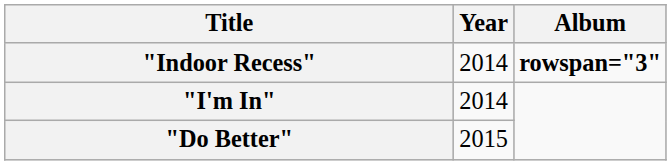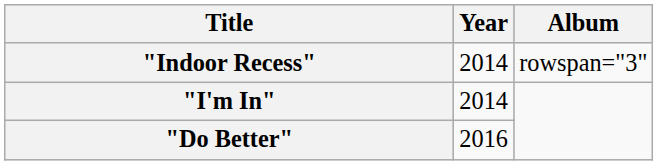 <table class="wikitable plainrowheaders" style="text-align:center;">
 <tr>
 <th scope="col" style="width:18em;">Title</th>
 <th scope="col" style="width:1em;">Year</th>
 <th scope="col">Album</th>
 </tr>
 <tr>
 <th scope="row">"Indoor Recess"</th>
 <td>2014</td>
-<td><strong>rowspan="3" </strong></td>
+<td>rowspan="3" </td>
 </tr>
 <tr>
 <th scope="row">"I'm In"</th>
 <td>2014</td>
 </tr>
 <tr>
 <th scope="row">"Do Better"</th>
-<td>2015</td>
+<td>2016</td>
 </tr>
 </table>
